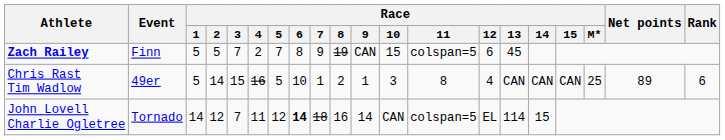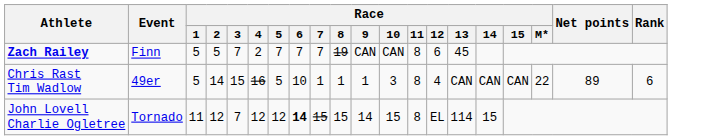 <table class=wikitable style=font-size:90%;text-align:center>
 <tr>
 <th rowspan=2>Athlete</th>
 <th rowspan=2>Event</th>
 <th colspan=16>Race</th>
 <th rowspan=2>Net points</th>
 <th rowspan=2>Rank</th>
 </tr>
 <tr style=font-size:95%>
 <th>1</th>
 <th>2</th>
 <th>3</th>
 <th>4</th>
 <th>5</th>
 <th>6</th>
 <th>7</th>
 <th>8</th>
 <th>9</th>
 <th>10</th>
 <th>11</th>
 <th>12</th>
 <th>13</th>
 <th>14</th>
 <th>15</th>
 <th>M*</th>
 </tr>
 <tr>
 <td align=left><strong><a href='#'>Zach Railey</a></strong></td>
 <td align=left><a href='#'>Finn</a></td>
 <td>5</td>
 <td>5</td>
 <td>7</td>
 <td>2</td>
 <td>7</td>
-<td>8</td>
-<td>9</td>
+<td>7</td>
+<td>7</td>
 <td><s>19</s></td>
 <td>CAN</td>
-<td>15</td>
-<td>colspan=5 </td>
+<td>CAN</td>
+<td>8</td>
 <td>6</td>
 <td>45</td>
 <td></td>
 </tr>
 <tr>
 <td align=left><a href='#'>Chris Rast</a><br><a href='#'>Tim Wadlow</a></td>
 <td align=left><a href='#'>49er</a></td>
 <td>5</td>
 <td>14</td>
 <td>15</td>
 <td><s>16</s></td>
 <td>5</td>
 <td>10</td>
 <td>1</td>
-<td>2</td>
+<td>1</td>
 <td>1</td>
 <td>3</td>
 <td>8</td>
 <td>4</td>
 <td>CAN</td>
 <td>CAN</td>
 <td>CAN</td>
-<td>25</td>
+<td>22</td>
 <td>89</td>
 <td>6</td>
 </tr>
 <tr>
 <td align=left><a href='#'>John Lovell</a><br><a href='#'>Charlie Ogletree</a></td>
 <td align=left><a href='#'>Tornado</a></td>
-<td>14</td>
+<td>11</td>
 <td>12</td>
 <td>7</td>
-<td>11</td>
+<td>12</td>
 <td>12</td>
 <td><strong>14</strong></td>
-<td><s>18</s></td>
-<td>16</td>
+<td><s>15</s></td>
+<td>15</td>
 <td>14</td>
-<td>CAN</td>
-<td>colspan=5 </td>
+<td>15</td>
+<td>8</td>
 <td>EL</td>
 <td>114</td>
 <td>15</td>
 </tr>
 </table>
